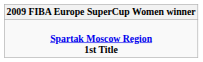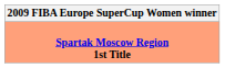 <table class=wikitable style="text-align:center; margin:auto">
 <tr>
 <th>2009 FIBA Europe SuperCup Women winner</th>
 </tr>
 <tr>
-<td><br> <strong><a href='#'>Spartak Moscow Region</a></strong> <br> <strong>1st Title</strong></td>
+<td style="background: lightsalmon;"><br> <strong><a href='#'>Spartak Moscow Region</a></strong> <br> <strong>1st Title</strong></td>
 </tr>
 </table>
